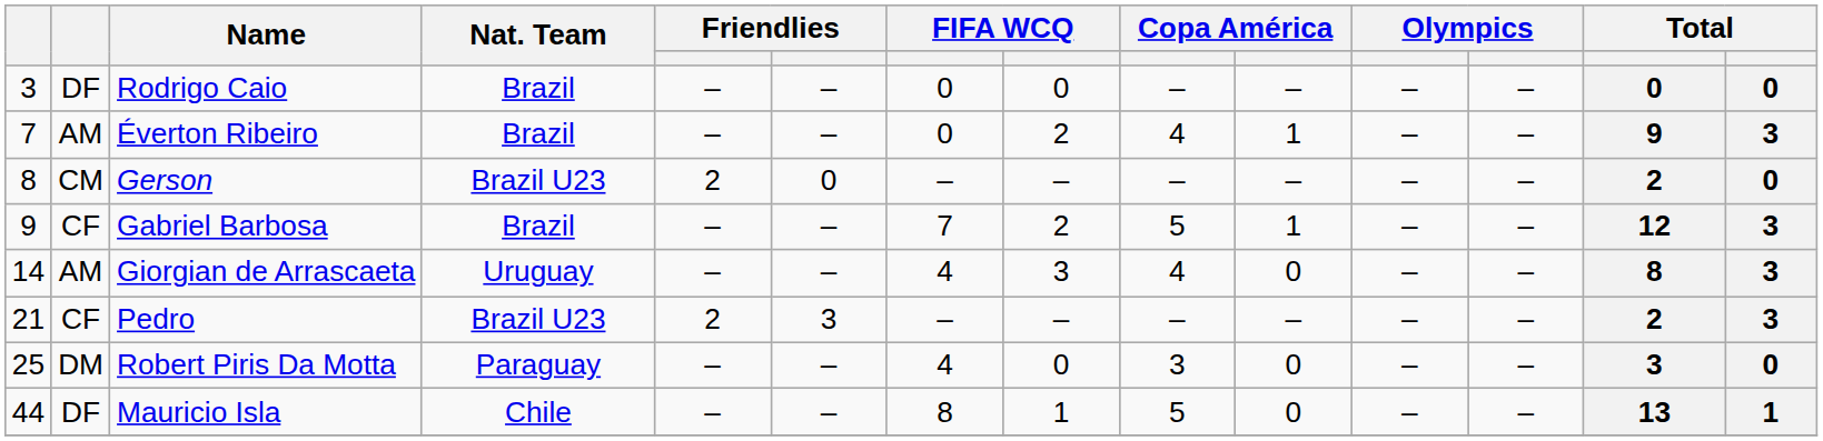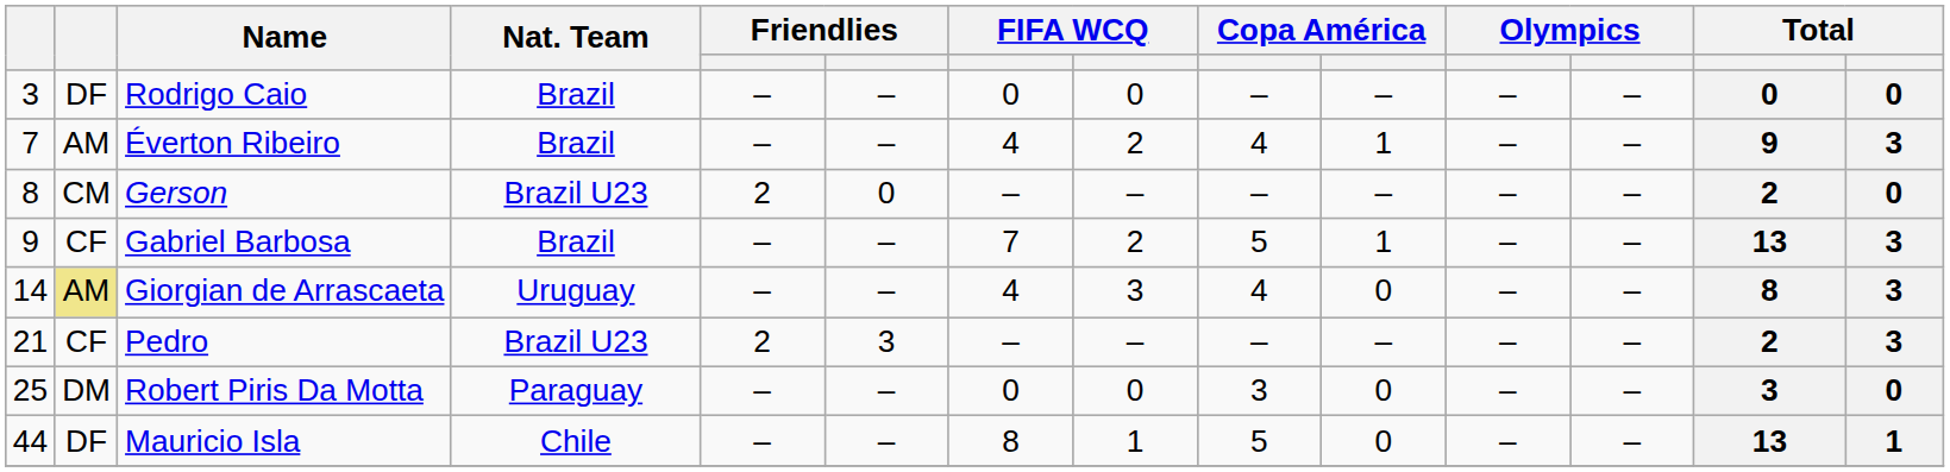 <table class="wikitable" style="text-align:center">
 <tr>
 <th rowspan="2"></th>
 <th rowspan="2"></th>
 <th rowspan="2">Name</th>
 <th rowspan="2" style="width:120px;">Nat. Team</th>
 <th colspan="2" style="width:120px;">Friendlies</th>
 <th colspan="2" style="width:120px;"><a href='#'>FIFA WCQ</a></th>
 <th colspan="2" style="width:120px;"><a href='#'>Copa América</a></th>
 <th colspan="2" style="width:120px;"><a href='#'>Olympics</a></th>
 <th colspan="2" style="width:120px;">Total</th>
 </tr>
 <tr>
 <th></th>
 <th></th>
 <th></th>
 <th></th>
 <th></th>
 <th></th>
 <th></th>
 <th></th>
 <th></th>
 <th></th>
 </tr>
 <tr>
 <td>3</td>
 <td>DF</td>
 <td align="left"> <a href='#'>Rodrigo Caio</a></td>
 <td><a href='#'>Brazil</a></td>
 <td>–</td>
 <td>–</td>
 <td>0</td>
 <td>0</td>
 <td>–</td>
 <td>–</td>
 <td>–</td>
 <td>–</td>
 <th>0</th>
 <th>0</th>
 </tr>
 <tr>
 <td>7</td>
 <td>AM</td>
 <td align="left"> <a href='#'>Éverton Ribeiro</a></td>
 <td><a href='#'>Brazil</a></td>
 <td>–</td>
 <td>–</td>
-<td>0</td>
+<td>4</td>
 <td>2</td>
 <td>4</td>
 <td>1</td>
 <td>–</td>
 <td>–</td>
 <th>9</th>
 <th>3</th>
 </tr>
 <tr>
 <td>8</td>
 <td>CM</td>
 <td align="left"> <em><a href='#'>Gerson</a></em></td>
 <td><a href='#'>Brazil U23</a></td>
 <td>2</td>
 <td>0</td>
 <td>–</td>
 <td>–</td>
 <td>–</td>
 <td>–</td>
 <td>–</td>
 <td>–</td>
 <th>2</th>
 <th>0</th>
 </tr>
 <tr>
 <td>9</td>
 <td>CF</td>
 <td align="left"> <a href='#'>Gabriel Barbosa</a></td>
 <td><a href='#'>Brazil</a></td>
 <td>–</td>
 <td>–</td>
 <td>7</td>
 <td>2</td>
 <td>5</td>
 <td>1</td>
 <td>–</td>
 <td>–</td>
-<th>12</th>
+<th>13</th>
 <th>3</th>
 </tr>
 <tr>
 <td>14</td>
-<td>AM</td>
+<td style="background: khaki;">AM</td>
 <td align="left"> <a href='#'>Giorgian de Arrascaeta</a></td>
 <td><a href='#'>Uruguay</a></td>
 <td>–</td>
 <td>–</td>
 <td>4</td>
 <td>3</td>
 <td>4</td>
 <td>0</td>
 <td>–</td>
 <td>–</td>
 <th>8</th>
 <th>3</th>
 </tr>
 <tr>
 <td>21</td>
 <td>CF</td>
 <td align="left"> <a href='#'>Pedro</a></td>
 <td><a href='#'>Brazil U23</a></td>
 <td>2</td>
 <td>3</td>
 <td>–</td>
 <td>–</td>
 <td>–</td>
 <td>–</td>
 <td>–</td>
 <td>–</td>
 <th>2</th>
 <th>3</th>
 </tr>
 <tr>
 <td>25</td>
 <td>DM</td>
 <td align="left"> <a href='#'>Robert Piris Da Motta</a></td>
 <td><a href='#'>Paraguay</a></td>
 <td>–</td>
 <td>–</td>
-<td>4</td>
+<td>0</td>
 <td>0</td>
 <td>3</td>
 <td>0</td>
 <td>–</td>
 <td>–</td>
 <th>3</th>
 <th>0</th>
 </tr>
 <tr>
 <td>44</td>
 <td>DF</td>
 <td align="left"> <a href='#'>Mauricio Isla</a></td>
 <td><a href='#'>Chile</a></td>
 <td>–</td>
 <td>–</td>
 <td>8</td>
 <td>1</td>
 <td>5</td>
 <td>0</td>
 <td>–</td>
 <td>–</td>
 <th>13</th>
 <th>1</th>
 </tr>
 <tr>
 </tr>
 </table>
